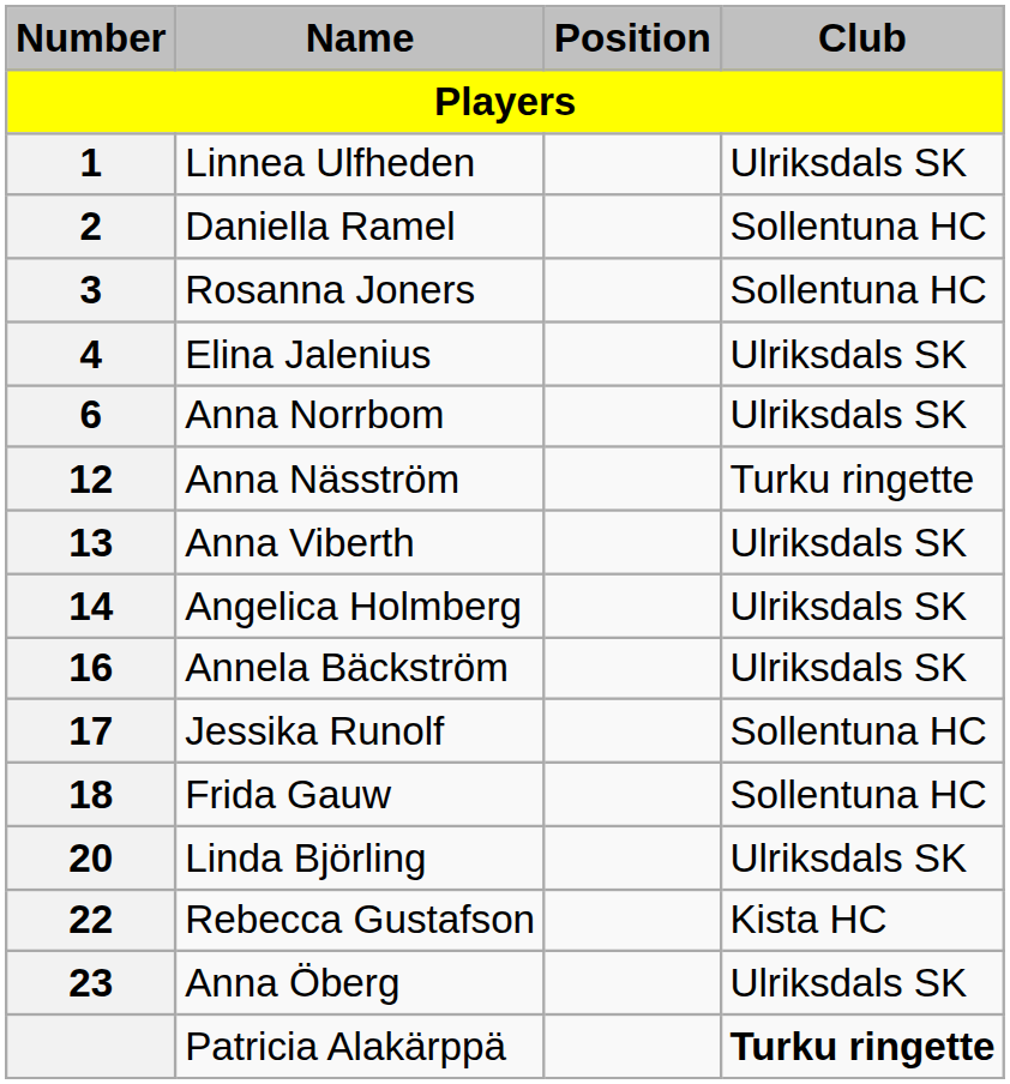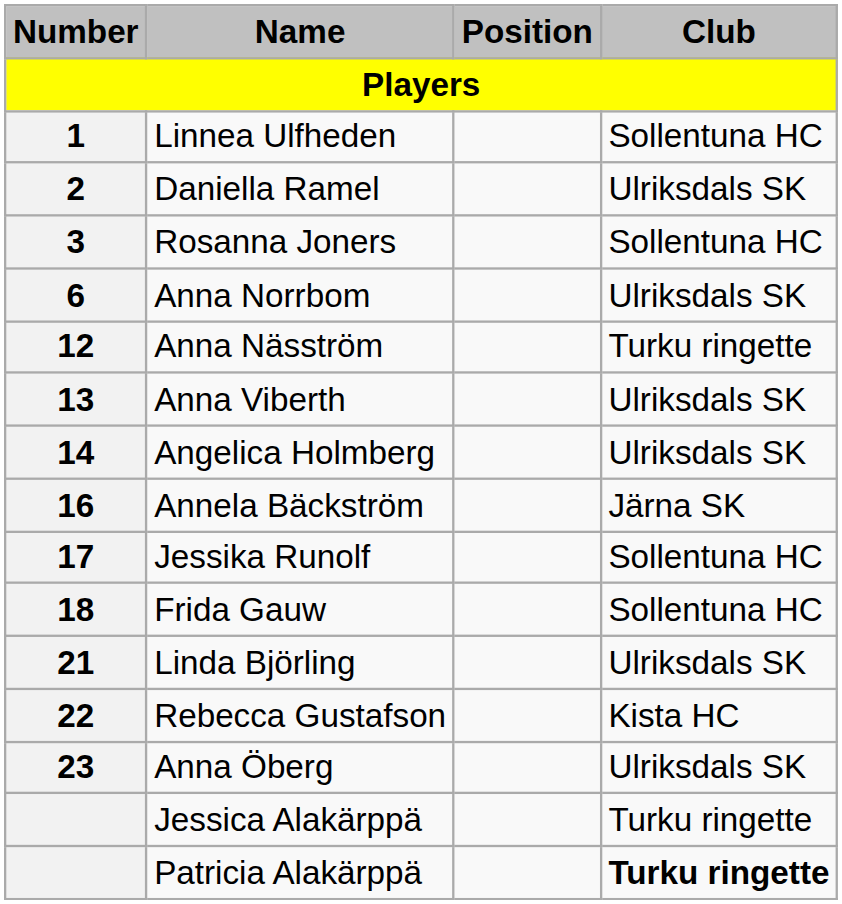 <table class="wikitable" style="text-align:left; font-size:90%;">
 <tr>
 <th style="background:silver;">Number</th>
 <th style="background:silver;">Name</th>
 <th style="background:silver;">Position</th>
 <th style="background:silver;">Club</th>
 </tr>
 <tr>
 <th style=background:Yellow colspan=4>Players</th>
 </tr>
 <tr>
 <th>1</th>
 <td>Linnea Ulfheden</td>
 <td></td>
-<td>Ulriksdals SK</td>
+<td>Sollentuna HC</td>
 </tr>
 <tr>
 <th>2</th>
 <td>Daniella Ramel</td>
 <td></td>
-<td>Sollentuna HC</td>
+<td>Ulriksdals SK</td>
 </tr>
 <tr>
 <th>3</th>
 <td>Rosanna Joners</td>
 <td></td>
 <td>Sollentuna HC</td>
-</tr>
-<tr>
-<th>4</th>
-<td>Elina Jalenius</td>
-<td></td>
-<td>Ulriksdals SK</td>
 </tr>
 <tr>
 <th>6</th>
 <td>Anna Norrbom</td>
 <td></td>
 <td>Ulriksdals SK</td>
 </tr>
 <tr>
 <th>12</th>
 <td>Anna Näsström</td>
 <td></td>
 <td>Turku ringette </td>
 </tr>
 <tr>
 <th>13</th>
 <td>Anna Viberth</td>
 <td></td>
 <td>Ulriksdals SK</td>
 </tr>
 <tr>
 <th>14</th>
 <td>Angelica Holmberg</td>
 <td></td>
 <td>Ulriksdals SK</td>
 </tr>
 <tr>
 <th>16</th>
 <td>Annela Bäckström</td>
 <td></td>
-<td>Ulriksdals SK</td>
+<td>Järna SK</td>
 </tr>
 <tr>
 <th>17</th>
 <td>Jessika Runolf</td>
 <td></td>
 <td>Sollentuna HC</td>
 </tr>
 <tr>
 <th>18</th>
 <td>Frida Gauw</td>
 <td></td>
 <td>Sollentuna HC</td>
 </tr>
 <tr>
-<th>20</th>
+<th>21</th>
 <td>Linda Björling</td>
 <td></td>
 <td>Ulriksdals SK</td>
 </tr>
 <tr>
 <th>22</th>
 <td>Rebecca Gustafson</td>
 <td></td>
 <td>Kista HC</td>
 </tr>
 <tr>
 <th>23</th>
 <td>Anna Öberg</td>
 <td></td>
 <td>Ulriksdals SK</td>
 </tr>
 <tr>
 <th></th>
+<td>Jessica Alakärppä</td>
+<td></td>
+<td>Turku ringette </td>
+</tr>
+<tr>
+<th></th>
 <td>Patricia Alakärppä</td>
 <td></td>
 <td><strong>Turku ringette </strong></td>
 </tr>
 </table>
